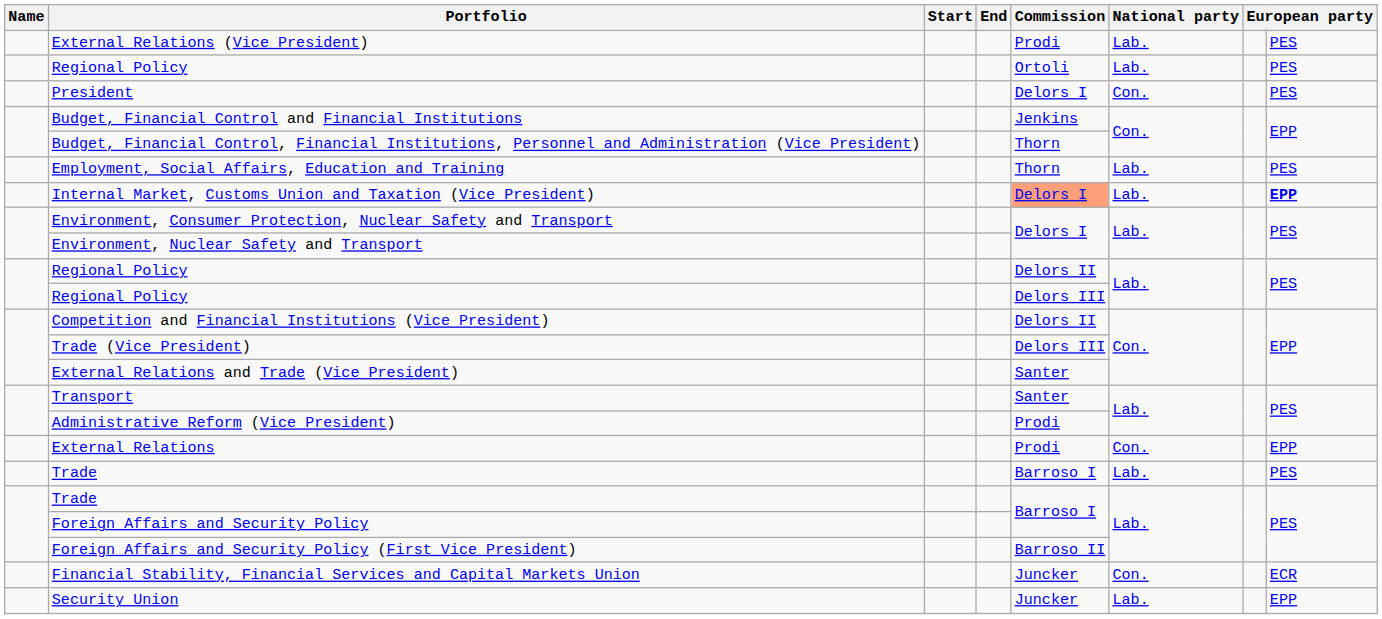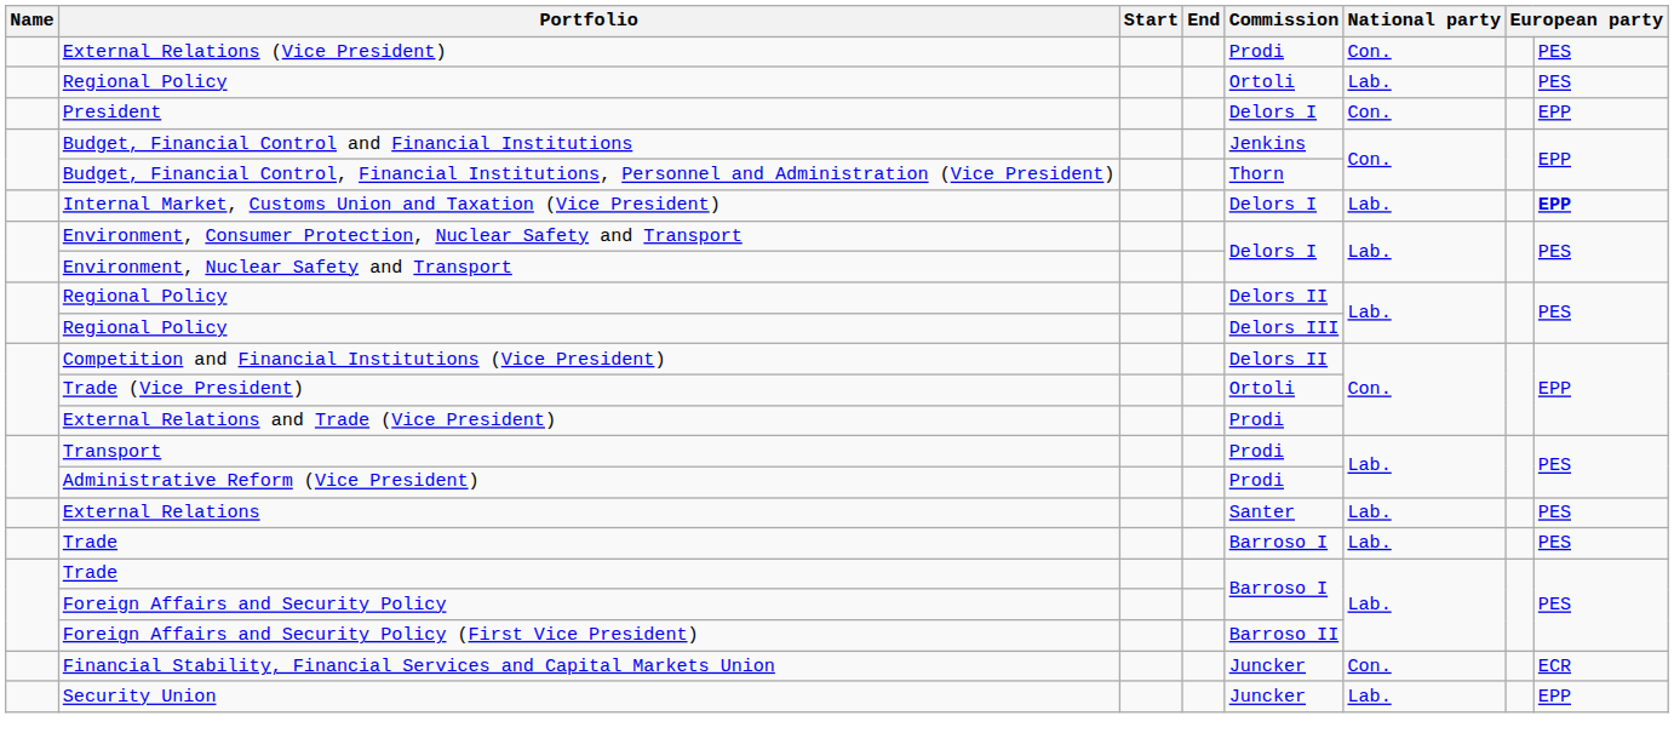 <table class="wikitable sortable" style="font-size: 90%;">
 <tr>
 <th>Name</th>
 <th>Portfolio</th>
 <th>Start</th>
 <th>End</th>
 <th>Commission</th>
 <th>National party</th>
 <th colspan=2>European party</th>
 </tr>
 <tr>
 <td></td>
 <td><a href='#'>External Relations</a> (<a href='#'>Vice President</a>)</td>
 <td></td>
 <td></td>
 <td><a href='#'>Prodi</a></td>
-<td><a href='#'>Lab.</a></td>
+<td><a href='#'>Con.</a></td>
 <td style="background:"></td>
 <td><a href='#'>PES</a></td>
 </tr>
 <tr>
 <td></td>
 <td><a href='#'>Regional Policy</a></td>
 <td></td>
 <td></td>
 <td><a href='#'>Ortoli</a></td>
 <td><a href='#'>Lab.</a></td>
 <td style="background:"></td>
 <td><a href='#'>PES</a></td>
 </tr>
 <tr>
 <td></td>
 <td><a href='#'>President</a></td>
 <td></td>
 <td></td>
 <td><a href='#'>Delors I</a></td>
 <td><a href='#'>Con.</a></td>
 <td style="background:"></td>
-<td><a href='#'>PES</a></td>
+<td><a href='#'>EPP</a></td>
 </tr>
 <tr>
 <td rowspan=2></td>
 <td><a href='#'>Budget, Financial Control</a> and <a href='#'>Financial Institutions</a></td>
 <td></td>
 <td></td>
 <td><a href='#'>Jenkins</a></td>
 <td rowspan=2><a href='#'>Con.</a></td>
 <td rowspan=2 style="background:"></td>
 <td rowspan=2><a href='#'>EPP</a></td>
 </tr>
 <tr>
 <td><a href='#'>Budget, Financial Control</a>, <a href='#'>Financial Institutions</a>, <a href='#'>Personnel and Administration</a> (<a href='#'>Vice President</a>)</td>
 <td></td>
 <td></td>
 <td><a href='#'>Thorn</a></td>
 </tr>
 <tr>
 <td></td>
-<td><a href='#'>Employment, Social Affairs</a>, <a href='#'>Education and Training</a></td>
-<td></td>
-<td></td>
-<td><a href='#'>Thorn</a></td>
-<td><a href='#'>Lab.</a></td>
-<td style="background:"></td>
-<td><a href='#'>PES</a></td>
-</tr>
-<tr>
-<td></td>
 <td><a href='#'>Internal Market</a>, <a href='#'>Customs Union and Taxation</a> (<a href='#'>Vice President</a>)</td>
 <td></td>
 <td></td>
-<td style="background: lightsalmon;"><a href='#'>Delors I</a></td>
+<td><a href='#'>Delors I</a></td>
 <td><a href='#'>Lab.</a></td>
 <td style="background:"></td>
 <td><strong><a href='#'>EPP</a></strong></td>
 </tr>
 <tr>
 <td rowspan=2></td>
 <td><a href='#'>Environment</a>, <a href='#'>Consumer Protection</a>, <a href='#'>Nuclear Safety</a> and <a href='#'>Transport</a></td>
 <td></td>
 <td></td>
 <td rowspan=2><a href='#'>Delors I</a></td>
 <td rowspan=2><a href='#'>Lab.</a></td>
 <td rowspan=2 style="background:"></td>
 <td rowspan=2><a href='#'>PES</a></td>
 </tr>
 <tr>
 <td><a href='#'>Environment</a>, <a href='#'>Nuclear Safety</a> and <a href='#'>Transport</a></td>
 <td></td>
 <td></td>
 </tr>
 <tr>
 <td rowspan=2></td>
 <td><a href='#'>Regional Policy</a></td>
 <td></td>
 <td></td>
 <td><a href='#'>Delors II</a></td>
 <td rowspan=2><a href='#'>Lab.</a></td>
 <td rowspan=2 style="background:"></td>
 <td rowspan=2><a href='#'>PES</a></td>
 </tr>
 <tr>
 <td><a href='#'>Regional Policy</a></td>
 <td></td>
 <td></td>
 <td><a href='#'>Delors III</a></td>
 </tr>
 <tr>
 <td rowspan=3></td>
 <td><a href='#'>Competition</a> and <a href='#'>Financial Institutions</a> (<a href='#'>Vice President</a>)</td>
 <td></td>
 <td></td>
 <td><a href='#'>Delors II</a></td>
 <td rowspan=3><a href='#'>Con.</a></td>
 <td rowspan=3 style="background:"></td>
 <td rowspan=3><a href='#'>EPP</a></td>
 </tr>
 <tr>
 <td><a href='#'>Trade</a> (<a href='#'>Vice President</a>)</td>
 <td></td>
 <td></td>
-<td><a href='#'>Delors III</a></td>
+<td><a href='#'>Ortoli</a></td>
 </tr>
 <tr>
 <td><a href='#'>External Relations</a> and <a href='#'>Trade</a> (<a href='#'>Vice President</a>)</td>
 <td></td>
 <td></td>
-<td><a href='#'>Santer</a></td>
+<td><a href='#'>Prodi</a></td>
 </tr>
 <tr>
 <td rowspan=2></td>
 <td><a href='#'>Transport</a></td>
 <td></td>
 <td></td>
-<td><a href='#'>Santer</a></td>
+<td><a href='#'>Prodi</a></td>
 <td rowspan=2><a href='#'>Lab.</a></td>
 <td rowspan=2 style="background:"></td>
 <td rowspan=2><a href='#'>PES</a></td>
 </tr>
 <tr>
 <td><a href='#'>Administrative Reform</a> (<a href='#'>Vice President</a>)</td>
 <td></td>
 <td></td>
 <td><a href='#'>Prodi</a></td>
 </tr>
 <tr>
 <td></td>
 <td><a href='#'>External Relations</a></td>
 <td></td>
 <td></td>
-<td><a href='#'>Prodi</a></td>
-<td><a href='#'>Con.</a></td>
+<td><a href='#'>Santer</a></td>
+<td><a href='#'>Lab.</a></td>
 <td style="background:"></td>
-<td><a href='#'>EPP</a></td>
+<td><a href='#'>PES</a></td>
 </tr>
 <tr>
 <td></td>
 <td><a href='#'>Trade</a></td>
 <td></td>
 <td></td>
 <td><a href='#'>Barroso I</a></td>
 <td><a href='#'>Lab.</a></td>
 <td style="background:"></td>
 <td><a href='#'>PES</a></td>
 </tr>
 <tr>
 <td rowspan=3></td>
 <td><a href='#'>Trade</a></td>
 <td></td>
 <td></td>
 <td rowspan=2><a href='#'>Barroso I</a></td>
 <td rowspan=3><a href='#'>Lab.</a></td>
 <td rowspan=3 style="background:"></td>
 <td rowspan=3><a href='#'>PES</a></td>
 </tr>
 <tr>
 <td><a href='#'>Foreign Affairs and Security Policy</a></td>
 <td></td>
 <td></td>
 </tr>
 <tr>
 <td><a href='#'>Foreign Affairs and Security Policy</a> (<a href='#'>First Vice President</a>)</td>
 <td></td>
 <td></td>
 <td><a href='#'>Barroso II</a></td>
 </tr>
 <tr>
 <td></td>
 <td><a href='#'>Financial Stability, Financial Services and Capital Markets Union</a></td>
 <td></td>
 <td></td>
 <td><a href='#'>Juncker</a></td>
 <td><a href='#'>Con.</a></td>
 <td style="background:"></td>
 <td><a href='#'>ECR</a></td>
 </tr>
 <tr>
 <td></td>
 <td><a href='#'>Security Union</a></td>
 <td></td>
 <td></td>
 <td><a href='#'>Juncker</a></td>
 <td><a href='#'>Lab.</a></td>
 <td style="background:"></td>
 <td><a href='#'>EPP</a></td>
 </tr>
 </table>
